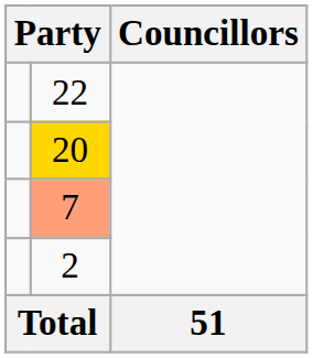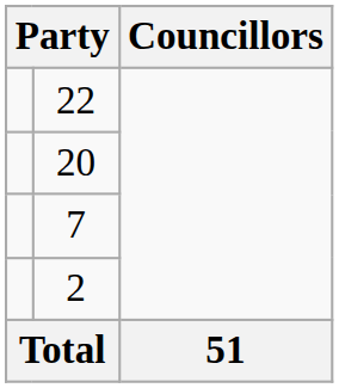 <table class="wikitable">
 <tr>
 <th colspan=2>Party</th>
 <th>Councillors</th>
 </tr>
 <tr>
 <td></td>
 <td align=center>22</td>
 </tr>
 <tr>
 <td></td>
-<td align=center style="background: gold;">20</td>
+<td align=center>20</td>
 </tr>
 <tr>
 <td></td>
-<td align=center style="background: lightsalmon;">7</td>
+<td align=center>7</td>
 </tr>
 <tr>
 <td></td>
 <td align=center>2</td>
 </tr>
 <tr>
 <th colspan=2>Total</th>
 <th align=center>51</th>
 </tr>
 </table>
